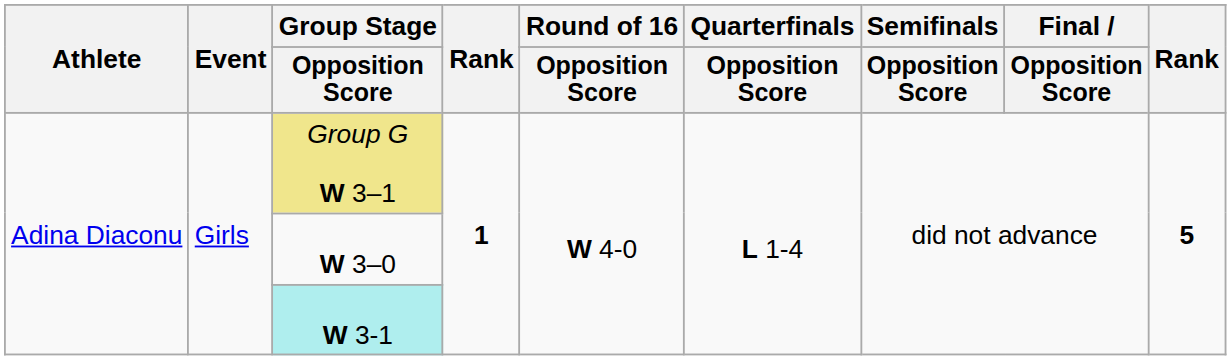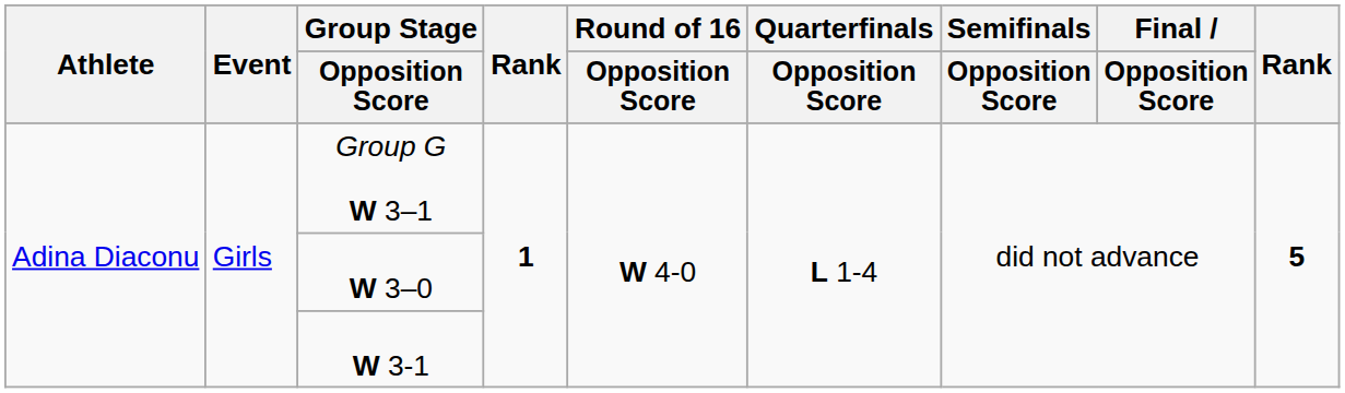 <table class=wikitable style="font-size:90%">
 <tr>
 <th rowspan="2">Athlete</th>
 <th rowspan="2">Event</th>
 <th>Group Stage</th>
 <th rowspan="2">Rank</th>
 <th>Round of 16</th>
 <th>Quarterfinals</th>
 <th>Semifinals</th>
 <th>Final / </th>
 <th rowspan=2>Rank</th>
 </tr>
 <tr style="font-size:95%">
 <th>Opposition<br>Score</th>
 <th>Opposition<br>Score</th>
 <th>Opposition<br>Score</th>
 <th>Opposition<br>Score</th>
 <th>Opposition<br>Score</th>
 </tr>
 <tr align=center>
 <td align=left rowspan=3><a href='#'>Adina Diaconu</a></td>
 <td align=left rowspan=3><a href='#'>Girls</a></td>
-<td style="background: khaki;"><em>Group G</em><br><br><strong>W</strong> 3–1</td>
+<td><em>Group G</em><br><br><strong>W</strong> 3–1</td>
 <td rowspan=3><strong>1</strong></td>
 <td rowspan=3><br><strong>W</strong> 4-0</td>
 <td rowspan=3><br><strong>L</strong> 1-4</td>
 <td rowspan=3 colspan=2>did not advance</td>
 <td rowspan=3><strong>5</strong></td>
 </tr>
 <tr align=center>
 <td><br><strong>W</strong> 3–0</td>
 </tr>
 <tr align=center>
-<td style="background: paleturquoise;"><br><strong>W</strong> 3-1</td>
+<td><br><strong>W</strong> 3-1</td>
 </tr>
 </table>
